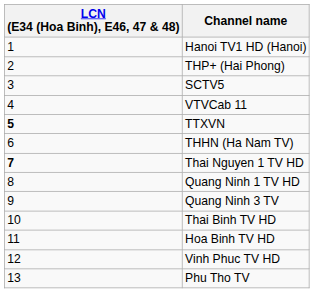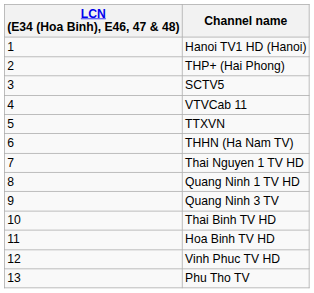 <table class=wikitable>
 <tr>
 <th><a href='#'>LCN</a><br>(E34 (Hoa Binh), E46, 47 & 48)</th>
 <th>Channel name</th>
 </tr>
 <tr>
 <td>1</td>
 <td>Hanoi TV1 HD (Hanoi)</td>
 </tr>
 <tr>
 <td>2</td>
 <td>THP+ (Hai Phong)</td>
 </tr>
 <tr>
 <td>3</td>
 <td>SCTV5</td>
 </tr>
 <tr>
 <td>4</td>
 <td>VTVCab 11</td>
 </tr>
 <tr>
-<td><strong>5</strong></td>
+<td>5</td>
 <td>TTXVN</td>
 </tr>
 <tr>
 <td>6</td>
 <td>THHN (Ha Nam TV)</td>
 </tr>
 <tr>
-<td><strong>7</strong></td>
+<td>7</td>
 <td>Thai Nguyen 1 TV HD</td>
 </tr>
 <tr>
 <td>8</td>
 <td>Quang Ninh 1 TV HD</td>
 </tr>
 <tr>
 <td>9</td>
 <td>Quang Ninh 3 TV</td>
 </tr>
 <tr>
 <td>10</td>
 <td>Thai Binh TV HD</td>
 </tr>
 <tr>
 <td>11</td>
 <td>Hoa Binh TV HD</td>
 </tr>
 <tr>
 <td>12</td>
 <td>Vinh Phuc TV HD</td>
 </tr>
 <tr>
 <td>13</td>
 <td>Phu Tho TV</td>
 </tr>
 </table>
